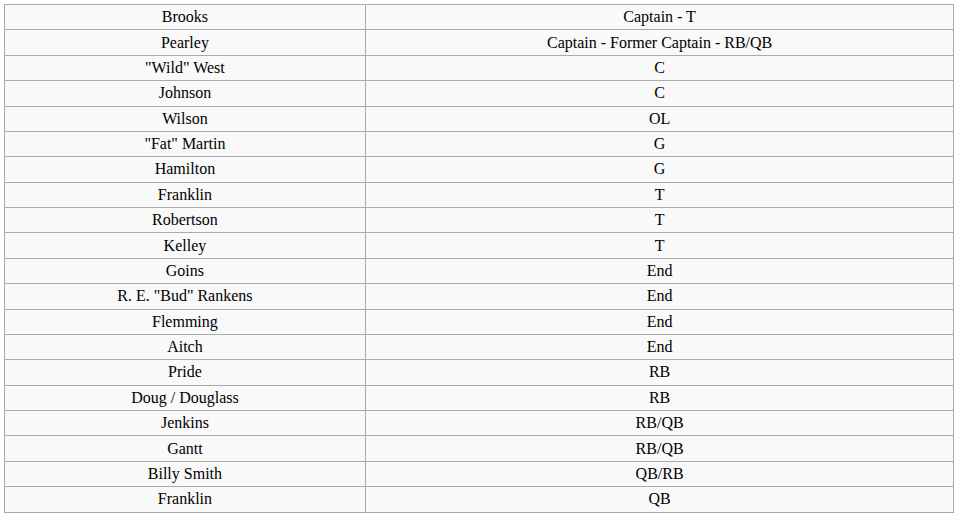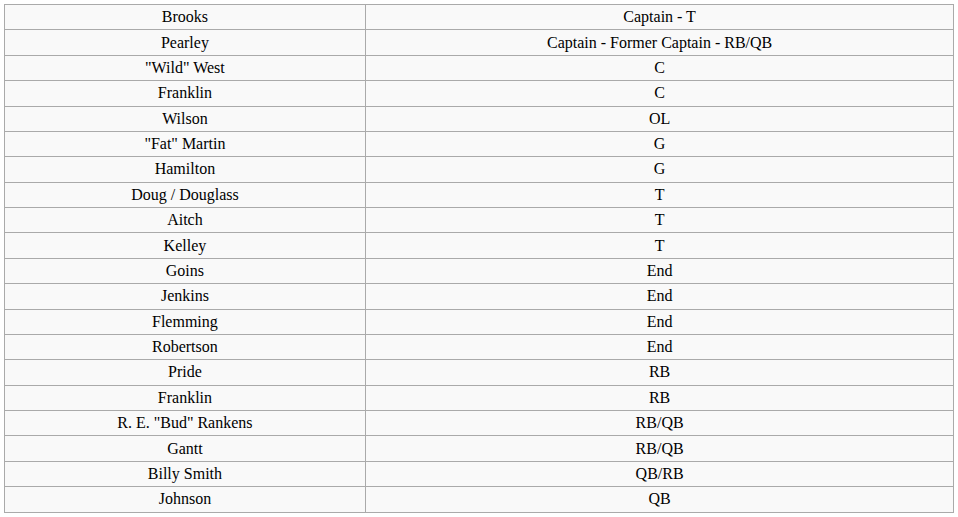 <table class="wikitable" width="60%">
 <tr>
 </tr>
 <tr align="center">
 <td>Brooks</td>
 <td>Captain - T</td>
 </tr>
 <tr align="center">
 </tr>
 <tr align="center">
 <td>Pearley</td>
 <td>Captain - Former Captain - RB/QB</td>
 </tr>
 <tr align="center">
 </tr>
 <tr align="center">
 <td>"Wild" West</td>
 <td>C</td>
 </tr>
 <tr align="center">
 </tr>
 <tr align="center">
-<td>Johnson</td>
+<td>Franklin</td>
 <td>C</td>
 </tr>
 <tr align="center">
 </tr>
 <tr align="center">
 <td>Wilson</td>
 <td>OL</td>
 </tr>
 <tr align="center">
 </tr>
 <tr align="center">
 <td>"Fat" Martin</td>
 <td>G</td>
 </tr>
 <tr align="center">
 </tr>
 <tr align="center">
 <td>Hamilton</td>
 <td>G</td>
 </tr>
 <tr align="center">
 </tr>
 <tr align="center">
-<td>Franklin</td>
+<td>Doug / Douglass</td>
 <td>T</td>
 </tr>
 <tr align="center">
 </tr>
 <tr align="center">
-<td>Robertson</td>
+<td>Aitch</td>
 <td>T</td>
 </tr>
 <tr align="center">
 </tr>
 <tr align="center">
 <td>Kelley</td>
 <td>T</td>
 </tr>
 <tr align="center">
 </tr>
 <tr align="center">
 <td>Goins</td>
 <td>End</td>
 </tr>
 <tr align="center">
 </tr>
 <tr align="center">
-<td>R. E. "Bud" Rankens</td>
+<td>Jenkins</td>
 <td>End</td>
 </tr>
 <tr align="center">
 </tr>
 <tr align="center">
 <td>Flemming</td>
 <td>End</td>
 </tr>
 <tr align="center">
 </tr>
 <tr align="center">
-<td>Aitch</td>
+<td>Robertson</td>
 <td>End</td>
 </tr>
 <tr align="center">
 </tr>
 <tr align="center">
 <td>Pride</td>
 <td>RB</td>
 </tr>
 <tr align="center">
 </tr>
 <tr align="center">
-<td>Doug / Douglass</td>
+<td>Franklin</td>
 <td>RB</td>
 </tr>
 <tr align="center">
 </tr>
 <tr align="center">
-<td>Jenkins</td>
+<td>R. E. "Bud" Rankens</td>
 <td>RB/QB</td>
 </tr>
 <tr align="center">
 </tr>
 <tr align="center">
 <td>Gantt</td>
 <td>RB/QB</td>
 </tr>
 <tr align="center">
 </tr>
 <tr align="center">
 <td>Billy Smith</td>
 <td>QB/RB</td>
 </tr>
 <tr align="center">
 </tr>
 <tr align="center">
-<td>Franklin</td>
+<td>Johnson</td>
 <td>QB</td>
 </tr>
 <tr align="center">
 </tr>
 </table>
